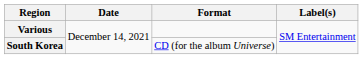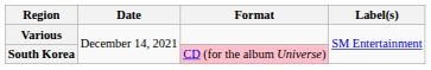 <table class="wikitable plainrowheaders">
 <tr>
 <th scope="col">Region</th>
 <th scope="col">Date</th>
 <th scope="col">Format</th>
 <th scope="col">Label(s)</th>
 </tr>
 <tr>
 <th scope="row">Various</th>
 <td rowspan="2">December 14, 2021</td>
 <td></td>
 <td rowspan="2"><a href='#'>SM Entertainment</a></td>
 </tr>
 <tr>
 <th scope="row">South Korea</th>
-<td><a href='#'>CD</a> (for the album <em>Universe</em>)</td>
+<td style="background: pink;"><a href='#'>CD</a> (for the album <em>Universe</em>)</td>
 </tr>
 </table>
